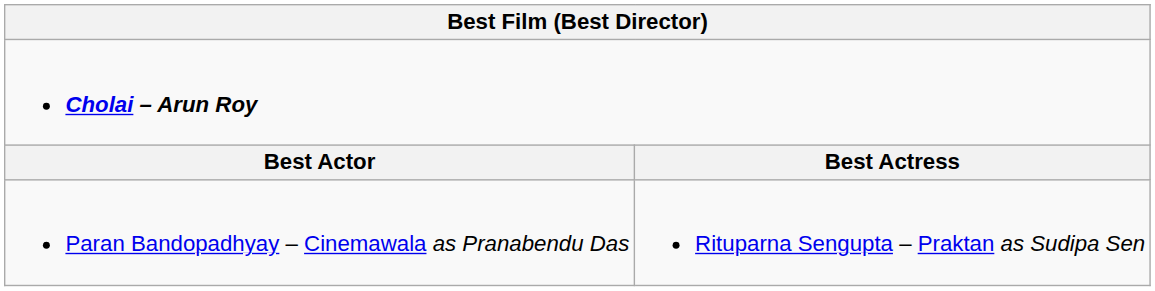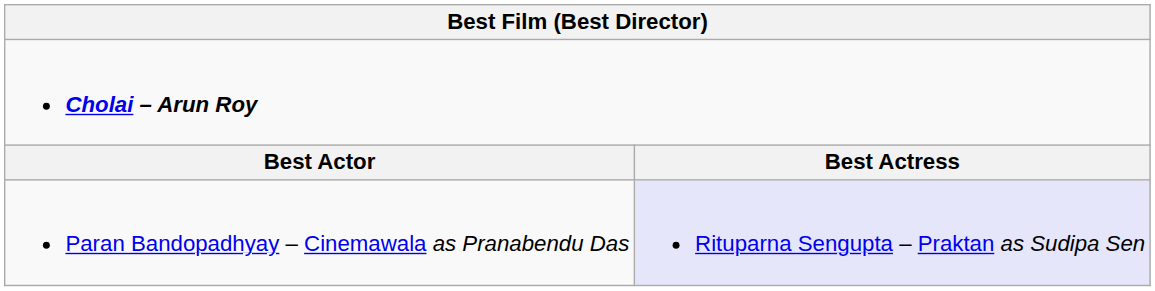 <table class="wikitable">
 <tr>
 <th colspan=2>Best Film (Best Director)</th>
 </tr>
 <tr>
 <td colspan=2><br><ul><li><strong><em><a href='#'>Cholai</a><em> – Arun Roy<strong></li></ul></td>
 </tr>
 <tr>
 <th>Best Actor</th>
 <th>Best Actress</th>
 </tr>
 <tr>
 <td><br><ul><li></strong><a href='#'>Paran Bandopadhyay</a> –<strong> </em></strong><a href='#'>Cinemawala</a><strong><em> </strong>as Pranabendu Das<strong></li></ul></td>
-<td><br><ul><li></strong><a href='#'>Rituparna Sengupta</a> –<strong> </em></strong><a href='#'>Praktan</a><strong><em> </strong>as Sudipa Sen<strong></li></ul></td>
+<td style="background: lavender;"><br><ul><li></strong><a href='#'>Rituparna Sengupta</a> –<strong> </em></strong><a href='#'>Praktan</a><strong><em> </strong>as Sudipa Sen<strong></li></ul></td>
 </tr>
 </table>
